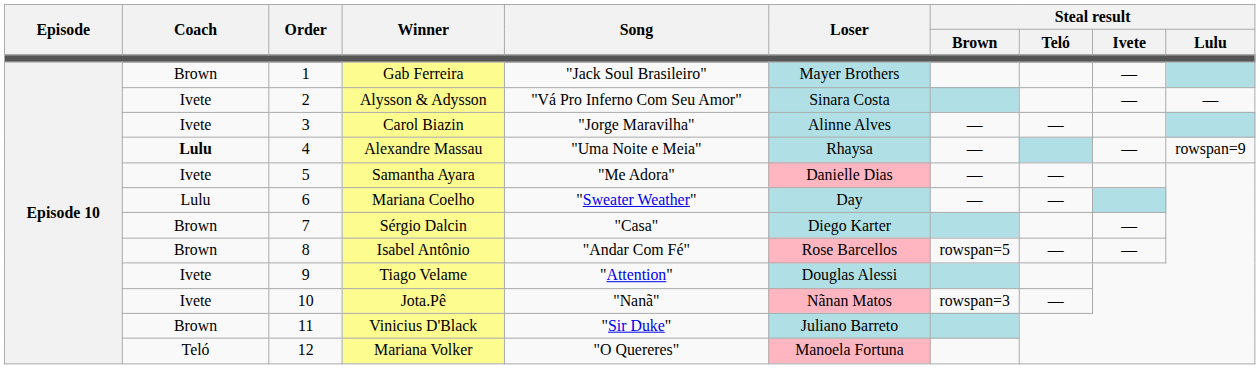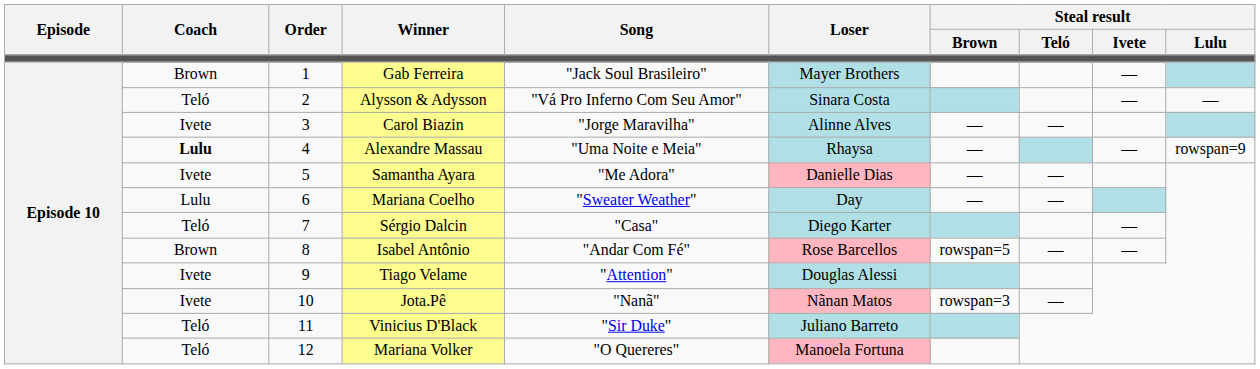 <table class="wikitable" style="text-align:center; width:100%;">
 <tr>
 <th scope="col" width="08%" rowspan=2>Episode</th>
 <th scope="col" width="10%" rowspan=2>Coach</th>
 <th scope="col" width="05%" rowspan=2>Order</th>
 <th scope="col" width="11%" rowspan=2>Winner</th>
 <th scope="col" width="18%" rowspan=2>Song</th>
 <th scope="col" width="11%" rowspan=2>Loser</th>
 <th scope="col" width="20%" colspan=4>Steal result</th>
 </tr>
 <tr>
 <th scope="col" width="05%">Brown</th>
 <th scope="col" width="05%">Teló</th>
 <th scope="col" width="05%">Ivete</th>
 <th scope="col" width="05%">Lulu</th>
 </tr>
 <tr>
 <td colspan="10" style="background:#555;"></td>
 </tr>
 <tr>
 <th rowspan=12>Episode 10<br></th>
 <td>Brown</td>
 <td>1</td>
 <td bgcolor=FDFC8F>Gab Ferreira</td>
 <td>"Jack Soul Brasileiro"</td>
 <td bgcolor=B0E0E6>Mayer Brothers</td>
 <td></td>
 <td><strong></strong></td>
 <td>—</td>
 <td bgcolor=B0E0E6><strong></strong></td>
 </tr>
 <tr>
-<td>Ivete</td>
+<td>Teló</td>
 <td>2</td>
 <td bgcolor=FDFC8F>Alysson & Adysson</td>
 <td>"Vá Pro Inferno Com Seu Amor"</td>
 <td bgcolor=B0E0E6>Sinara Costa</td>
 <td bgcolor=B0E0E6><strong></strong></td>
 <td></td>
 <td>—</td>
 <td>—</td>
 </tr>
 <tr>
 <td>Ivete</td>
 <td>3</td>
 <td bgcolor=FDFC8F>Carol Biazin</td>
 <td>"Jorge Maravilha"</td>
 <td bgcolor=B0E0E6>Alinne Alves</td>
 <td>—</td>
 <td>—</td>
 <td></td>
 <td bgcolor=B0E0E6><strong></strong></td>
 </tr>
 <tr>
 <td><strong>Lulu</strong></td>
 <td>4</td>
 <td bgcolor=FDFC8F>Alexandre Massau</td>
 <td>"Uma Noite e Meia"</td>
 <td bgcolor=B0E0E6>Rhaysa</td>
 <td>—</td>
 <td bgcolor=B0E0E6><strong></strong></td>
 <td>—</td>
 <td>rowspan=9 </td>
 </tr>
 <tr>
 <td>Ivete</td>
 <td>5</td>
 <td bgcolor=FDFC8F>Samantha Ayara</td>
 <td>"Me Adora"</td>
 <td bgcolor=FFB6C1>Danielle Dias</td>
 <td>—</td>
 <td>—</td>
 <td></td>
 </tr>
 <tr>
 <td>Lulu</td>
 <td>6</td>
 <td bgcolor=FDFC8F>Mariana Coelho</td>
 <td>"<a href='#'>Sweater Weather</a>"</td>
 <td bgcolor=B0E0E6>Day</td>
 <td>—</td>
 <td>—</td>
 <td bgcolor=B0E0E6><strong></strong></td>
 </tr>
 <tr>
-<td>Brown</td>
+<td>Teló</td>
 <td>7</td>
 <td bgcolor=FDFC8F>Sérgio Dalcin</td>
 <td>"Casa"</td>
 <td bgcolor=B0E0E6>Diego Karter</td>
 <td bgcolor=B0E0E6><strong></strong></td>
 <td></td>
 <td>—</td>
 </tr>
 <tr>
 <td>Brown</td>
 <td>8</td>
 <td bgcolor=FDFC8F>Isabel Antônio</td>
 <td>"Andar Com Fé"</td>
 <td bgcolor=FFB6C1>Rose Barcellos</td>
 <td>rowspan=5 </td>
 <td>—</td>
 <td>—</td>
 </tr>
 <tr>
 <td>Ivete</td>
 <td>9</td>
 <td bgcolor=FDFC8F>Tiago Velame</td>
 <td>"<a href='#'>Attention</a>"</td>
 <td bgcolor=B0E0E6>Douglas Alessi</td>
 <td bgcolor=B0E0E6><strong></strong></td>
 <td></td>
 </tr>
 <tr>
 <td>Ivete</td>
 <td>10</td>
 <td bgcolor=FDFC8F>Jota.Pê</td>
 <td>"Nanã"</td>
 <td bgcolor=FFB6C1>Nãnan Matos</td>
 <td>rowspan=3 </td>
 <td>—</td>
 </tr>
 <tr>
-<td>Brown</td>
+<td>Teló</td>
 <td>11</td>
 <td bgcolor=FDFC8F>Vinicius D'Black</td>
 <td>"<a href='#'>Sir Duke</a>"</td>
 <td bgcolor=B0E0E6>Juliano Barreto</td>
 <td bgcolor=B0E0E6><strong></strong></td>
 </tr>
 <tr>
 <td>Teló</td>
 <td>12</td>
 <td bgcolor=FDFC8F>Mariana Volker</td>
 <td>"O Quereres"</td>
 <td bgcolor=FFB6C1>Manoela Fortuna</td>
 <td></td>
 </tr>
 </table>
